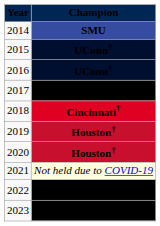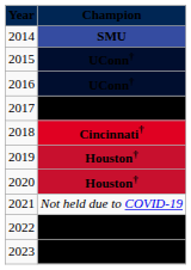 <table class="wikitable" style="text-align: center;">
 <tr>
 <th style="background:#002654;"><span>Year</span></th>
 <th style="background:#002654;"><span>Champion</span></th>
 </tr>
 <tr>
 <td>2014</td>
 <td style="background:#354ca1;"><span><strong>SMU</strong></span></td>
 </tr>
 <tr>
 <td>2015</td>
 <td style="background:#000e2f;"><span><strong>UConn<sup>†</sup></strong></span></td>
 </tr>
 <tr>
 <td>2016</td>
 <td style="background:#000e2f;"><span><strong>UConn<sup>†</sup></strong></span></td>
 </tr>
 <tr>
 <td>2017</td>
 <td style="background:#000000;"><span><strong>UCF<sup>†</sup></strong></span></td>
 </tr>
 <tr>
 <td>2018</td>
 <td style="background:#e00122;"><span><strong>Cincinnati<sup>†</sup></strong></span></td>
 </tr>
 <tr>
 <td>2019</td>
 <td style="background:#c8102e;"><span><strong>Houston<sup>†</sup></strong></span></td>
 </tr>
 <tr>
 <td>2020</td>
 <td style="background:#c8102e;"><span><strong>Houston<sup>†</sup></strong></span></td>
 </tr>
 <tr>
 <td>2021</td>
-<td style="background: lightyellow;"><em>Not held due to <a href='#'>COVID-19</a></em></td>
+<td><em>Not held due to <a href='#'>COVID-19</a></em></td>
 </tr>
 <tr>
 <td>2022</td>
 <td style="background:#000000;"><span><strong>UCF<sup>†</sup></strong></span></td>
 </tr>
 <tr>
 <td>2023</td>
 <td style="background:#000000;"><span><strong>UCF<sup>†</sup></strong></span></td>
 </tr>
 </table>
